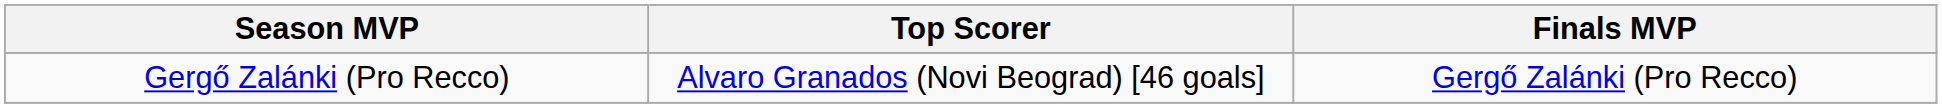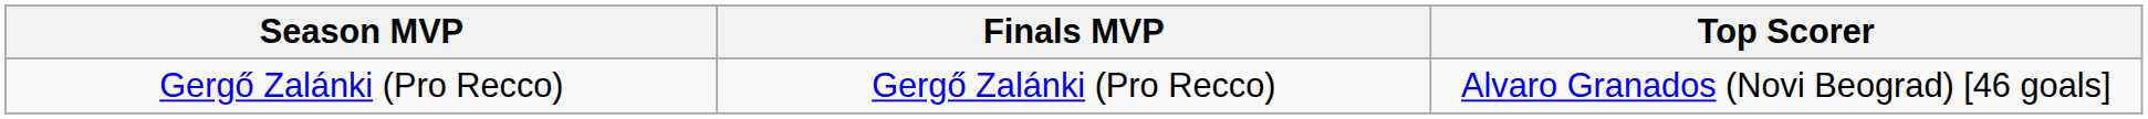 <table class="wikitable" style="text-align:center">
 <tr>
 <th width=328>Season MVP</th>
+<th width=328>Finals MVP</th>
 <th width=328>Top Scorer</th>
-<th width=328>Finals MVP</th>
 </tr>
 <tr>
 <td> <a href='#'>Gergő Zalánki</a> (Pro Recco)</td>
+<td> <a href='#'>Gergő Zalánki</a> (Pro Recco)</td>
 <td> <a href='#'>Alvaro Granados</a> (Novi Beograd) [46 goals]</td>
-<td> <a href='#'>Gergő Zalánki</a> (Pro Recco)</td>
 </tr>
 </table>
